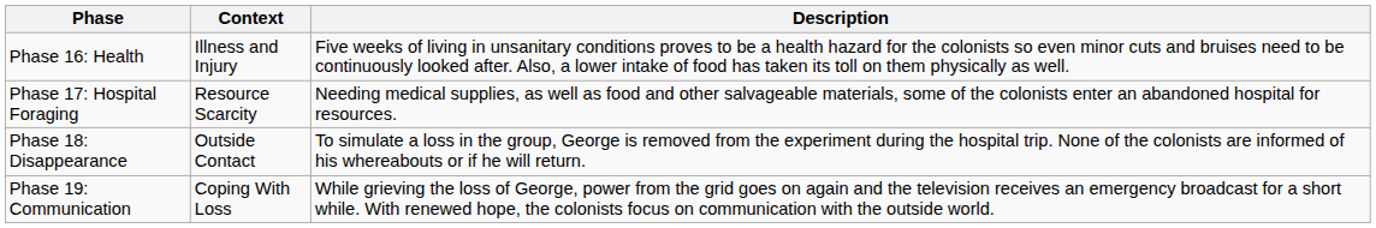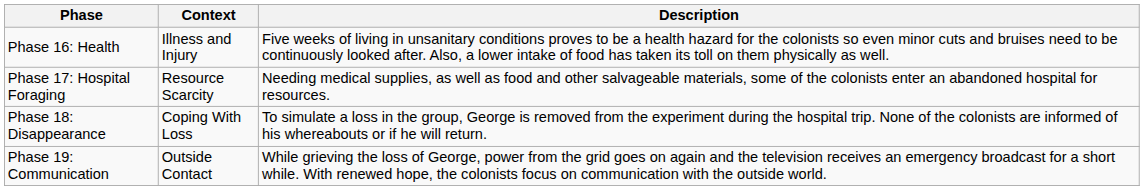 <table class="wikitable" border="1">
 <tr>
 <th>Phase</th>
 <th>Context</th>
 <th>Description</th>
 </tr>
 <tr>
 <td>Phase 16: Health</td>
 <td>Illness and Injury</td>
 <td>Five weeks of living in unsanitary conditions proves to be a health hazard for the colonists so even minor cuts and bruises need to be continuously looked after. Also, a lower intake of food has taken its toll on them physically as well.</td>
 </tr>
 <tr>
 <td>Phase 17: Hospital Foraging</td>
 <td>Resource Scarcity</td>
 <td>Needing medical supplies, as well as food and other salvageable materials, some of the colonists enter an abandoned hospital for resources.</td>
 </tr>
 <tr>
 <td>Phase 18: Disappearance</td>
-<td>Outside Contact</td>
+<td>Coping With Loss</td>
 <td>To simulate a loss in the group, George is removed from the experiment during the hospital trip. None of the colonists are informed of his whereabouts or if he will return.</td>
 </tr>
 <tr>
 <td>Phase 19: Communication</td>
-<td>Coping With Loss</td>
+<td>Outside Contact</td>
 <td>While grieving the loss of George, power from the grid goes on again and the television receives an emergency broadcast for a short while. With renewed hope, the colonists focus on communication with the outside world.</td>
 </tr>
 </table>
